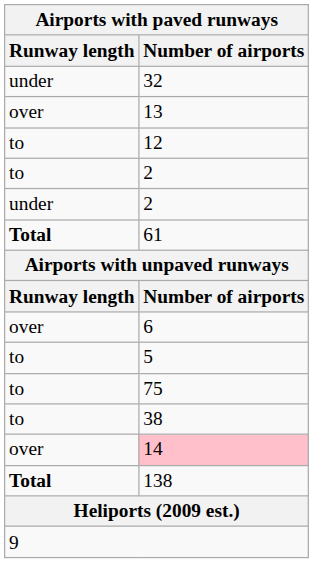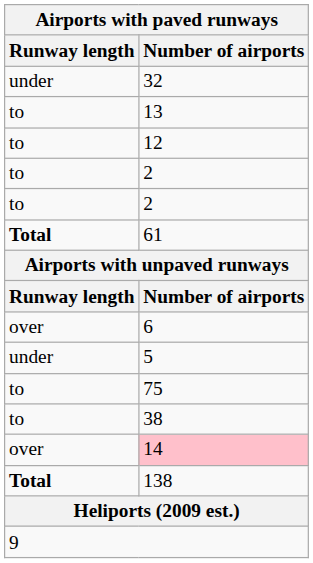 <table class="wikitable">
 <tr>
 <th colspan="2">Airports with paved runways</th>
 </tr>
 <tr>
 <th>Runway length</th>
 <th>Number of airports</th>
 </tr>
 <tr>
 <td>under </td>
 <td>32</td>
 </tr>
 <tr>
-<td>over </td>
+<td> to </td>
 <td>13</td>
 </tr>
 <tr>
 <td> to </td>
 <td>12</td>
 </tr>
 <tr>
 <td> to </td>
 <td>2</td>
 </tr>
 <tr>
-<td>under </td>
+<td> to </td>
 <td>2</td>
 </tr>
 <tr>
 <td><strong>Total</strong></td>
 <td>61</td>
 </tr>
 <tr>
 <th colspan="2">Airports with unpaved runways</th>
 </tr>
 <tr>
 <th>Runway length</th>
 <th>Number of airports</th>
 </tr>
 <tr>
 <td>over </td>
 <td>6</td>
 </tr>
 <tr>
-<td> to </td>
+<td>under </td>
 <td>5</td>
 </tr>
 <tr>
 <td> to </td>
 <td>75</td>
 </tr>
 <tr>
 <td> to </td>
 <td>38</td>
 </tr>
 <tr>
 <td>over </td>
 <td style="background: pink;">14</td>
 </tr>
 <tr>
 <td><strong>Total</strong></td>
 <td>138</td>
 </tr>
 <tr>
 <th colspan="2">Heliports (2009 est.)</th>
 </tr>
 <tr>
 <td colspan="2">9</td>
 </tr>
 </table>
